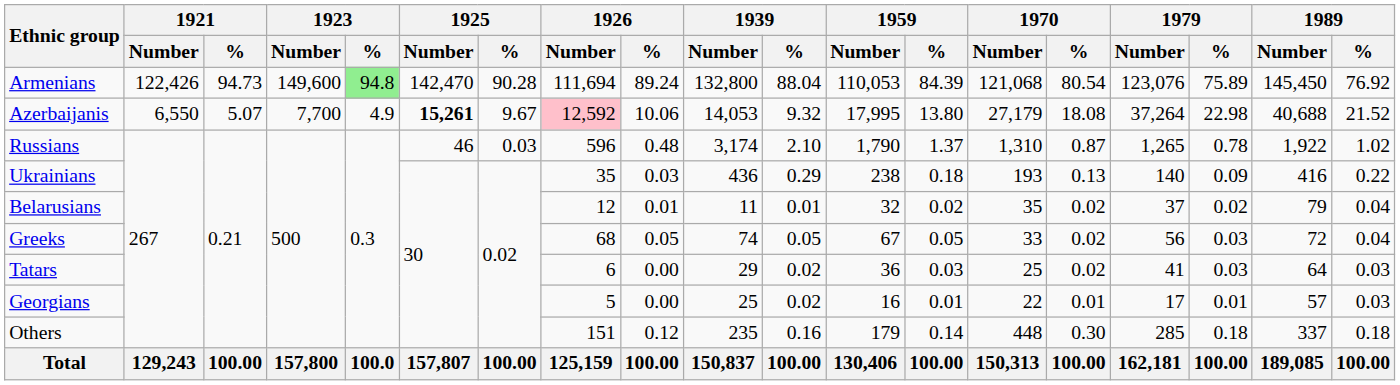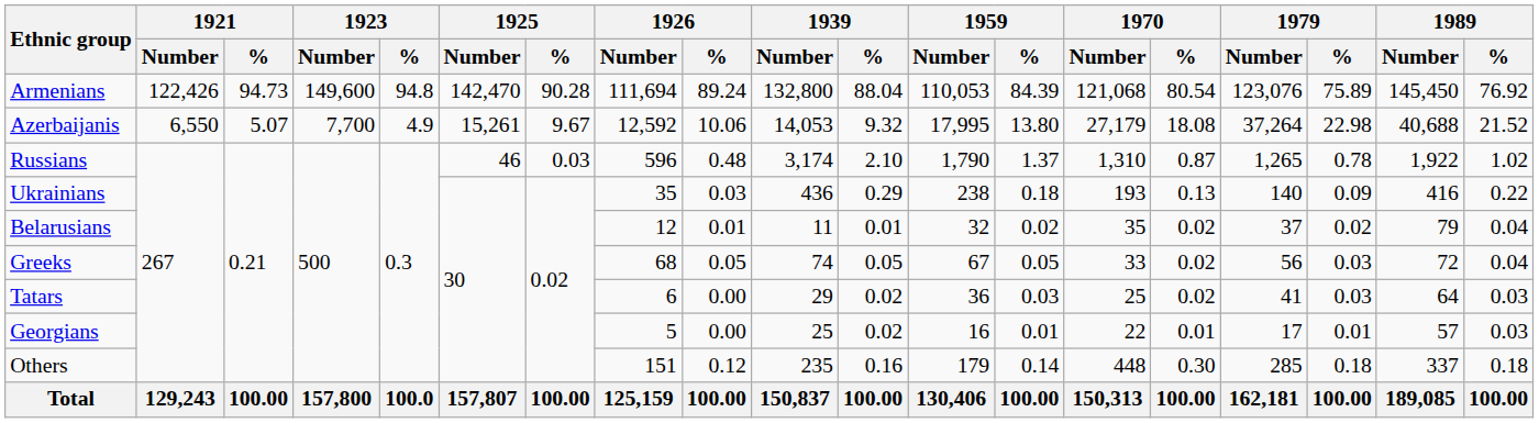 <table class="wikitable">
 <tr>
 <th rowspan="2">Ethnic group</th>
 <th colspan="2">1921</th>
 <th colspan="2">1923</th>
 <th colspan="2">1925</th>
 <th colspan="2">1926</th>
 <th colspan="2">1939</th>
 <th colspan="2">1959</th>
 <th colspan="2">1970</th>
 <th colspan="2">1979</th>
 <th colspan="2">1989</th>
 </tr>
 <tr>
 <th>Number</th>
 <th>%</th>
 <th>Number</th>
 <th>%</th>
 <th>Number</th>
 <th>%</th>
 <th>Number</th>
 <th>%</th>
 <th>Number</th>
 <th>%</th>
 <th>Number</th>
 <th>%</th>
 <th>Number</th>
 <th>%</th>
 <th>Number</th>
 <th>%</th>
 <th>Number</th>
 <th>%</th>
 </tr>
 <tr>
 <td><a href='#'>Armenians</a></td>
 <td align="right">122,426</td>
 <td align="right">94.73</td>
 <td align="right">149,600</td>
-<td align="right" style="background: lightgreen;">94.8</td>
+<td align="right">94.8</td>
 <td align="right">142,470</td>
 <td align="right">90.28</td>
 <td align="right">111,694</td>
 <td align="right">89.24</td>
 <td align="right">132,800</td>
 <td align="right">88.04</td>
 <td align="right">110,053</td>
 <td align="right">84.39</td>
 <td align="right">121,068</td>
 <td align="right">80.54</td>
 <td align="right">123,076</td>
 <td align="right">75.89</td>
 <td align="right">145,450</td>
 <td align="right">76.92</td>
 </tr>
 <tr>
 <td><a href='#'>Azerbaijanis</a></td>
 <td align="right">6,550</td>
 <td align="right">5.07</td>
 <td align="right">7,700</td>
 <td align="right">4.9</td>
-<td align="right"><strong>15,261</strong></td>
+<td align="right">15,261</td>
 <td align="right">9.67</td>
-<td align="right" style="background: pink;">12,592</td>
+<td align="right">12,592</td>
 <td align="right">10.06</td>
 <td align="right">14,053</td>
 <td align="right">9.32</td>
 <td align="right">17,995</td>
 <td align="right">13.80</td>
 <td align="right">27,179</td>
 <td align="right">18.08</td>
 <td align="right">37,264</td>
 <td align="right">22.98</td>
 <td align="right">40,688</td>
 <td align="right">21.52</td>
 </tr>
 <tr>
 <td><a href='#'>Russians</a></td>
 <td rowspan="7">267</td>
 <td rowspan="7">0.21</td>
 <td rowspan="7">500</td>
 <td rowspan="7">0.3</td>
 <td align="right">46</td>
 <td align="right">0.03</td>
 <td align="right">596</td>
 <td align="right">0.48</td>
 <td align="right">3,174</td>
 <td align="right">2.10</td>
 <td align="right">1,790</td>
 <td align="right">1.37</td>
 <td align="right">1,310</td>
 <td align="right">0.87</td>
 <td align="right">1,265</td>
 <td align="right">0.78</td>
 <td align="right">1,922</td>
 <td align="right">1.02</td>
 </tr>
 <tr>
 <td><a href='#'>Ukrainians</a></td>
 <td rowspan="6">30</td>
 <td rowspan="6">0.02</td>
 <td align="right">35</td>
 <td align="right">0.03</td>
 <td align="right">436</td>
 <td align="right">0.29</td>
 <td align="right">238</td>
 <td align="right">0.18</td>
 <td align="right">193</td>
 <td align="right">0.13</td>
 <td align="right">140</td>
 <td align="right">0.09</td>
 <td align="right">416</td>
 <td align="right">0.22</td>
 </tr>
 <tr>
 <td><a href='#'>Belarusians</a></td>
 <td align="right">12</td>
 <td align="right">0.01</td>
 <td align="right">11</td>
 <td align="right">0.01</td>
 <td align="right">32</td>
 <td align="right">0.02</td>
 <td align="right">35</td>
 <td align="right">0.02</td>
 <td align="right">37</td>
 <td align="right">0.02</td>
 <td align="right">79</td>
 <td align="right">0.04</td>
 </tr>
 <tr>
 <td><a href='#'>Greeks</a></td>
 <td align="right">68</td>
 <td align="right">0.05</td>
 <td align="right">74</td>
 <td align="right">0.05</td>
 <td align="right">67</td>
 <td align="right">0.05</td>
 <td align="right">33</td>
 <td align="right">0.02</td>
 <td align="right">56</td>
 <td align="right">0.03</td>
 <td align="right">72</td>
 <td align="right">0.04</td>
 </tr>
 <tr>
 <td><a href='#'>Tatars</a></td>
 <td align="right">6</td>
 <td align="right">0.00</td>
 <td align="right">29</td>
 <td align="right">0.02</td>
 <td align="right">36</td>
 <td align="right">0.03</td>
 <td align="right">25</td>
 <td align="right">0.02</td>
 <td align="right">41</td>
 <td align="right">0.03</td>
 <td align="right">64</td>
 <td align="right">0.03</td>
 </tr>
 <tr>
 <td><a href='#'>Georgians</a></td>
 <td align="right">5</td>
 <td align="right">0.00</td>
 <td align="right">25</td>
 <td align="right">0.02</td>
 <td align="right">16</td>
 <td align="right">0.01</td>
 <td align="right">22</td>
 <td align="right">0.01</td>
 <td align="right">17</td>
 <td align="right">0.01</td>
 <td align="right">57</td>
 <td align="right">0.03</td>
 </tr>
 <tr>
 <td>Others</td>
 <td align="right">151</td>
 <td align="right">0.12</td>
 <td align="right">235</td>
 <td align="right">0.16</td>
 <td align="right">179</td>
 <td align="right">0.14</td>
 <td align="right">448</td>
 <td align="right">0.30</td>
 <td align="right">285</td>
 <td align="right">0.18</td>
 <td align="right">337</td>
 <td align="right">0.18</td>
 </tr>
 <tr>
 <th>Total</th>
 <th>129,243</th>
 <th>100.00</th>
 <th>157,800</th>
 <th>100.0</th>
 <th>157,807</th>
 <th>100.00</th>
 <th>125,159</th>
 <th>100.00</th>
 <th>150,837</th>
 <th>100.00</th>
 <th>130,406</th>
 <th>100.00</th>
 <th>150,313</th>
 <th>100.00</th>
 <th>162,181</th>
 <th>100.00</th>
 <th>189,085</th>
 <th>100.00</th>
 </tr>
 </table>
